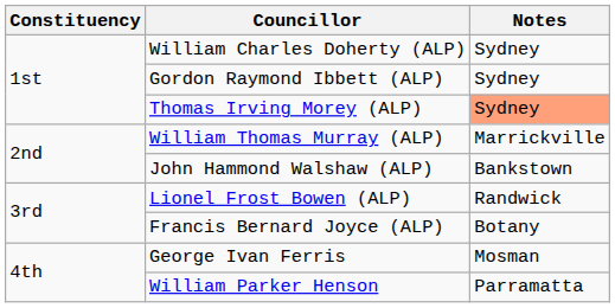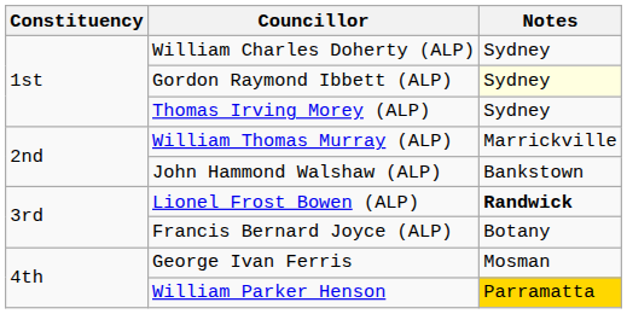 <table class="wikitable">
 <tr>
 <th>Constituency</th>
 <th>Councillor</th>
 <th>Notes</th>
 </tr>
 <tr>
 <td rowspan="3">1st</td>
 <td>William Charles Doherty (ALP)</td>
 <td>Sydney</td>
 </tr>
 <tr>
 <td>Gordon Raymond Ibbett (ALP)</td>
-<td>Sydney</td>
+<td style="background: lightyellow;">Sydney</td>
 </tr>
 <tr>
 <td><a href='#'>Thomas Irving Morey</a> (ALP)</td>
-<td style="background: lightsalmon;">Sydney</td>
+<td>Sydney</td>
 </tr>
 <tr>
 <td rowspan="2">2nd</td>
 <td><a href='#'>William Thomas Murray</a> (ALP)</td>
 <td>Marrickville</td>
 </tr>
 <tr>
 <td>John Hammond Walshaw (ALP)</td>
 <td>Bankstown</td>
 </tr>
 <tr>
 <td rowspan="2">3rd</td>
 <td><a href='#'>Lionel Frost Bowen</a> (ALP)</td>
-<td>Randwick</td>
+<td><strong>Randwick</strong></td>
 </tr>
 <tr>
 <td>Francis Bernard Joyce (ALP)</td>
 <td>Botany</td>
 </tr>
 <tr>
 <td rowspan="2">4th</td>
 <td>George Ivan Ferris</td>
 <td>Mosman</td>
 </tr>
 <tr>
 <td><a href='#'>William Parker Henson</a></td>
-<td>Parramatta</td>
+<td style="background: gold;">Parramatta</td>
 </tr>
 </table>
